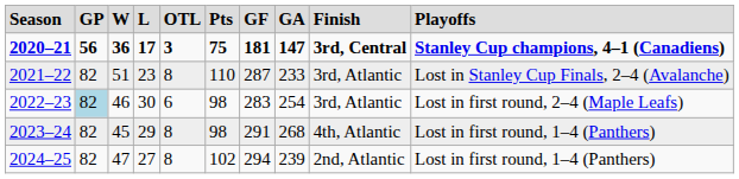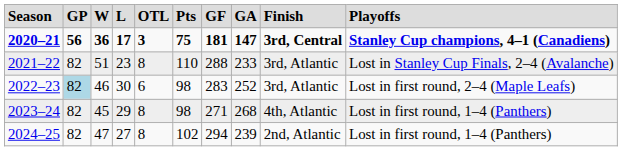 <table class="wikitable">
 <tr style="font-weight:bold; background:#ddd;">
 <td>Season</td>
 <td>GP</td>
 <td>W</td>
 <td>L</td>
 <td>OTL</td>
 <td>Pts</td>
 <td>GF</td>
 <td>GA</td>
 <td>Finish</td>
 <td>Playoffs</td>
 </tr>
 <tr style="font-weight:bold;">
 <td><a href='#'>2020–21</a></td>
 <td>56</td>
 <td>36</td>
 <td>17</td>
 <td>3</td>
 <td>75</td>
 <td>181</td>
 <td>147</td>
 <td>3rd, Central</td>
 <td><a href='#'>Stanley Cup champions</a>, 4–1 (<a href='#'>Canadiens</a>)</td>
 </tr>
 <tr style="background:#eee;">
 <td><a href='#'>2021–22</a></td>
 <td>82</td>
 <td>51</td>
 <td>23</td>
 <td>8</td>
 <td>110</td>
-<td>287</td>
+<td>288</td>
 <td>233</td>
 <td>3rd, Atlantic</td>
 <td>Lost in <a href='#'>Stanley Cup Finals</a>, 2–4 (<a href='#'>Avalanche</a>)</td>
 </tr>
 <tr>
 <td><a href='#'>2022–23</a></td>
 <td style="background: lightblue;">82</td>
 <td>46</td>
 <td>30</td>
 <td>6</td>
 <td>98</td>
 <td>283</td>
-<td>254</td>
+<td>252</td>
 <td>3rd, Atlantic</td>
 <td>Lost in first round, 2–4 (<a href='#'>Maple Leafs</a>)</td>
 </tr>
 <tr style="background:#eee;">
 <td><a href='#'>2023–24</a></td>
 <td>82</td>
 <td>45</td>
 <td>29</td>
 <td>8</td>
 <td>98</td>
-<td>291</td>
+<td>271</td>
 <td>268</td>
 <td>4th, Atlantic</td>
 <td>Lost in first round, 1–4 (<a href='#'>Panthers</a>)</td>
 </tr>
 <tr>
 <td><a href='#'>2024–25</a></td>
 <td>82</td>
 <td>47</td>
 <td>27</td>
 <td>8</td>
 <td>102</td>
 <td>294</td>
 <td>239</td>
 <td>2nd, Atlantic</td>
 <td>Lost in first round, 1–4 (Panthers)</td>
 </tr>
 </table>
